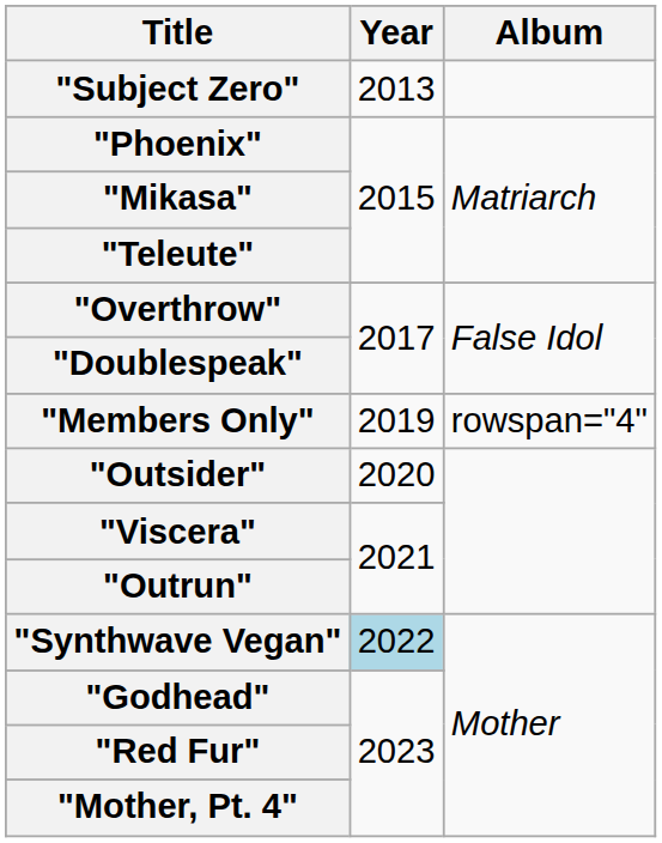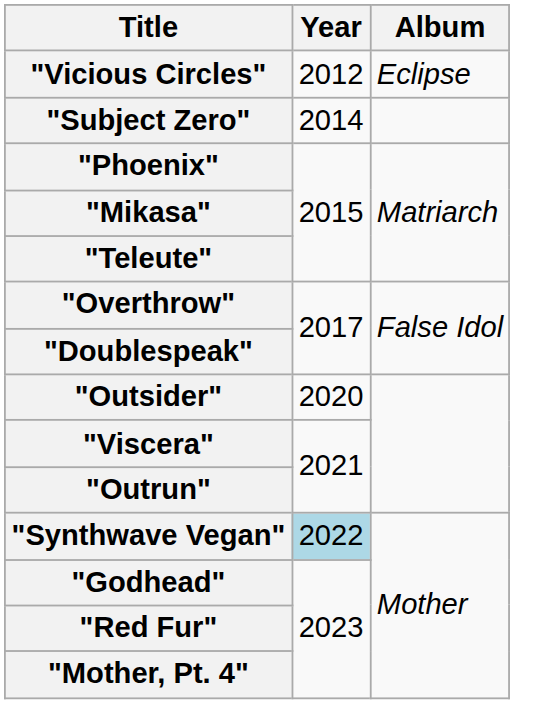 <table class="wikitable plainrowheaders">
 <tr>
 <th>Title</th>
 <th>Year</th>
 <th>Album</th>
 </tr>
 <tr>
+<th scope="row">"Vicious Circles"</th>
+<td>2012</td>
+<td><em>Eclipse</em></td>
+</tr>
+<tr>
 <th scope="row">"Subject Zero"</th>
-<td>2013</td>
+<td>2014</td>
 <td></td>
 </tr>
 <tr>
 <th scope="row">"Phoenix"</th>
 <td rowspan="3">2015</td>
 <td rowspan="3"><em>Matriarch</em></td>
 </tr>
 <tr>
 <th scope="row">"Mikasa"</th>
 </tr>
 <tr>
 <th scope="row">"Teleute"</th>
 </tr>
 <tr>
 <th scope="row">"Overthrow"</th>
 <td rowspan="2">2017</td>
 <td rowspan="2"><em>False Idol</em></td>
 </tr>
 <tr>
 <th scope="row">"Doublespeak"</th>
-</tr>
-<tr>
-<th scope="row">"Members Only"</th>
-<td>2019</td>
-<td>rowspan="4" </td>
 </tr>
 <tr>
 <th scope="row">"Outsider"</th>
 <td>2020</td>
 </tr>
 <tr>
 <th scope="row">"Viscera"</th>
 <td rowspan="2">2021</td>
 </tr>
 <tr>
 <th scope="row">"Outrun"</th>
 </tr>
 <tr>
 <th scope="row">"Synthwave Vegan"</th>
 <td style="background: lightblue;">2022</td>
 <td rowspan="4"><em>Mother</em></td>
 </tr>
 <tr>
 <th scope="row">"Godhead"</th>
 <td rowspan="3">2023</td>
 </tr>
 <tr>
 <th scope="row">"Red Fur"</th>
 </tr>
 <tr>
 <th scope="row">"Mother, Pt. 4"</th>
 </tr>
 </table>
